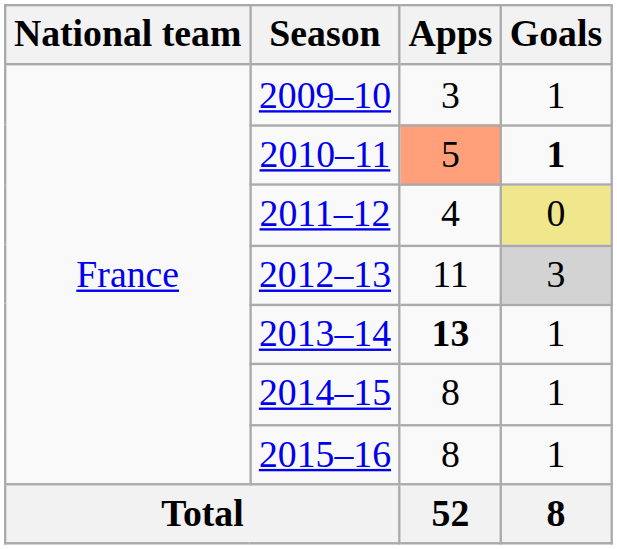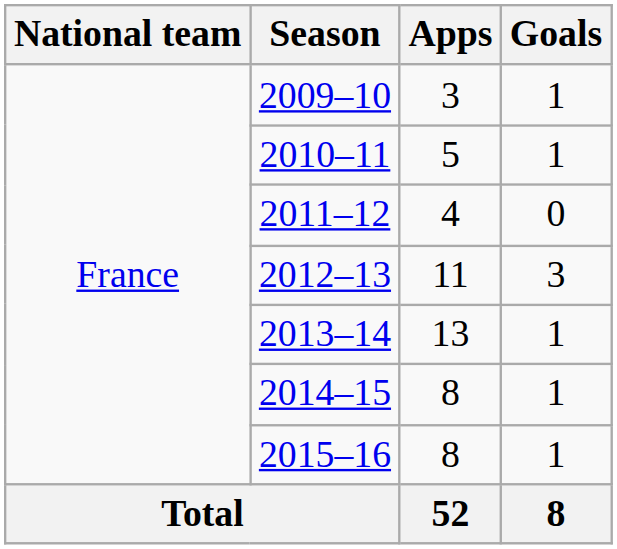 <table class="wikitable" style="text-align:center">
 <tr>
 <th>National team</th>
 <th>Season</th>
 <th>Apps</th>
 <th>Goals</th>
 </tr>
 <tr>
 <td rowspan="7"><a href='#'>France</a></td>
 <td><a href='#'>2009–10</a></td>
 <td>3</td>
 <td>1</td>
 </tr>
 <tr>
 <td><a href='#'>2010–11</a></td>
-<td style="background: lightsalmon;">5</td>
-<td><strong>1</strong></td>
+<td>5</td>
+<td>1</td>
 </tr>
 <tr>
 <td><a href='#'>2011–12</a></td>
 <td>4</td>
-<td style="background: khaki;">0</td>
+<td>0</td>
 </tr>
 <tr>
 <td><a href='#'>2012–13</a></td>
 <td>11</td>
-<td style="background: lightgrey;">3</td>
+<td>3</td>
 </tr>
 <tr>
 <td><a href='#'>2013–14</a></td>
-<td><strong>13</strong></td>
+<td>13</td>
 <td>1</td>
 </tr>
 <tr>
 <td><a href='#'>2014–15</a></td>
 <td>8</td>
 <td>1</td>
 </tr>
 <tr>
 <td><a href='#'>2015–16</a></td>
 <td>8</td>
 <td>1</td>
 </tr>
 <tr>
 <th colspan="2">Total</th>
 <th>52</th>
 <th>8</th>
 </tr>
 </table>
